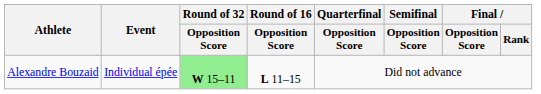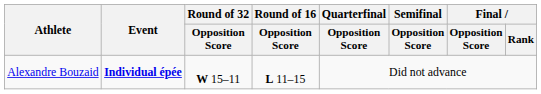 <table class="wikitable" style="font-size:90%">
 <tr>
 <th rowspan="2">Athlete</th>
 <th rowspan="2">Event</th>
 <th>Round of 32</th>
 <th>Round of 16</th>
 <th>Quarterfinal</th>
 <th>Semifinal</th>
 <th colspan=2>Final / </th>
 </tr>
 <tr style="font-size:95%">
 <th>Opposition <br> Score</th>
 <th>Opposition <br> Score</th>
 <th>Opposition <br> Score</th>
 <th>Opposition <br> Score</th>
 <th>Opposition <br> Score</th>
 <th>Rank</th>
 </tr>
 <tr align=center>
 <td align=left><a href='#'>Alexandre Bouzaid</a></td>
-<td align=left><a href='#'>Individual épée</a></td>
-<td style="background: lightgreen;"><br><strong>W</strong> 15–11</td>
+<td align=left><strong><a href='#'>Individual épée</a></strong></td>
+<td><br><strong>W</strong> 15–11</td>
 <td><br><strong>L</strong> 11–15</td>
 <td colspan=4>Did not advance</td>
 </tr>
 </table>
